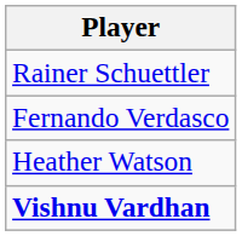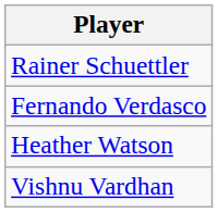 <table class="wikitable">
 <tr>
 <th>Player</th>
 </tr>
 <tr>
 <td> <a href='#'>Rainer Schuettler</a></td>
 </tr>
 <tr>
 <td> <a href='#'>Fernando Verdasco</a></td>
 </tr>
 <tr>
 <td> <a href='#'>Heather Watson</a></td>
 </tr>
 <tr>
-<td><strong> <a href='#'>Vishnu Vardhan</a></strong></td>
+<td> <a href='#'>Vishnu Vardhan</a></td>
 </tr>
 </table>
